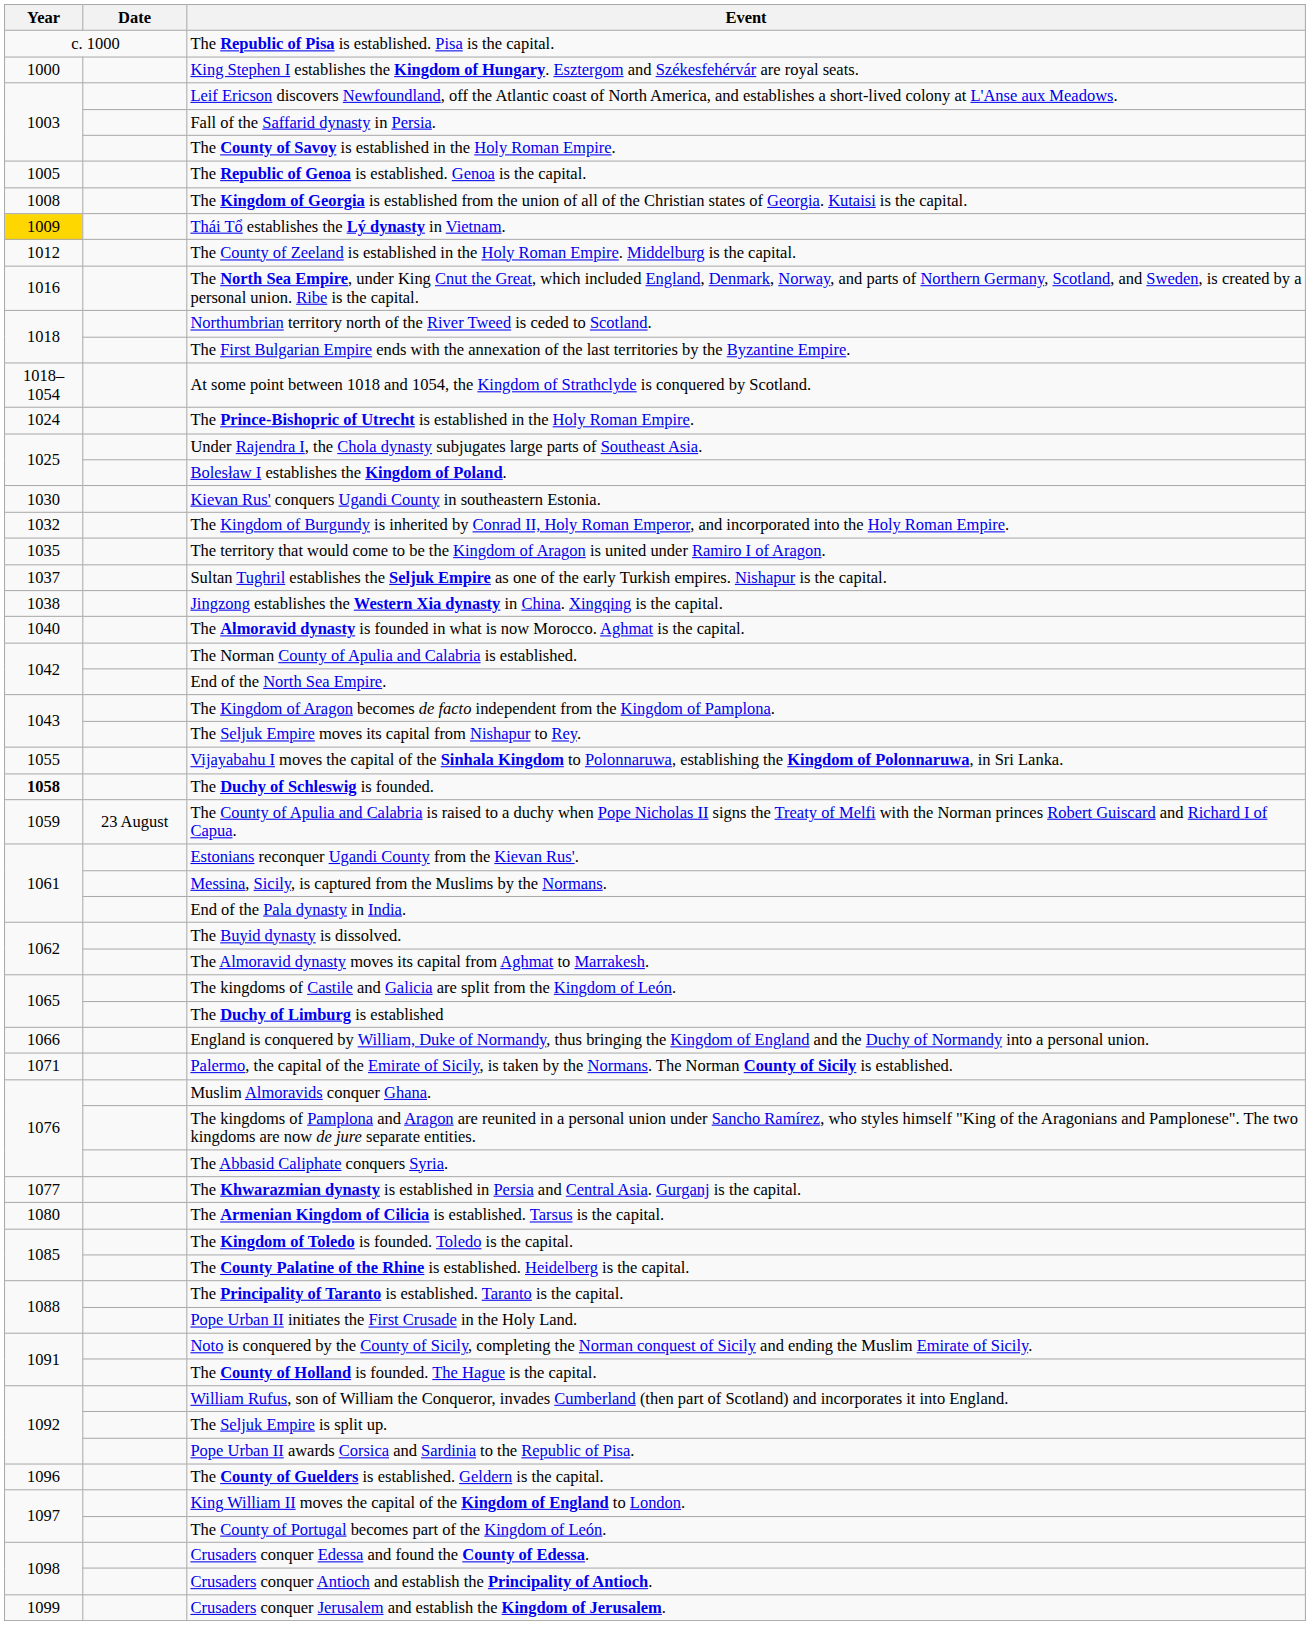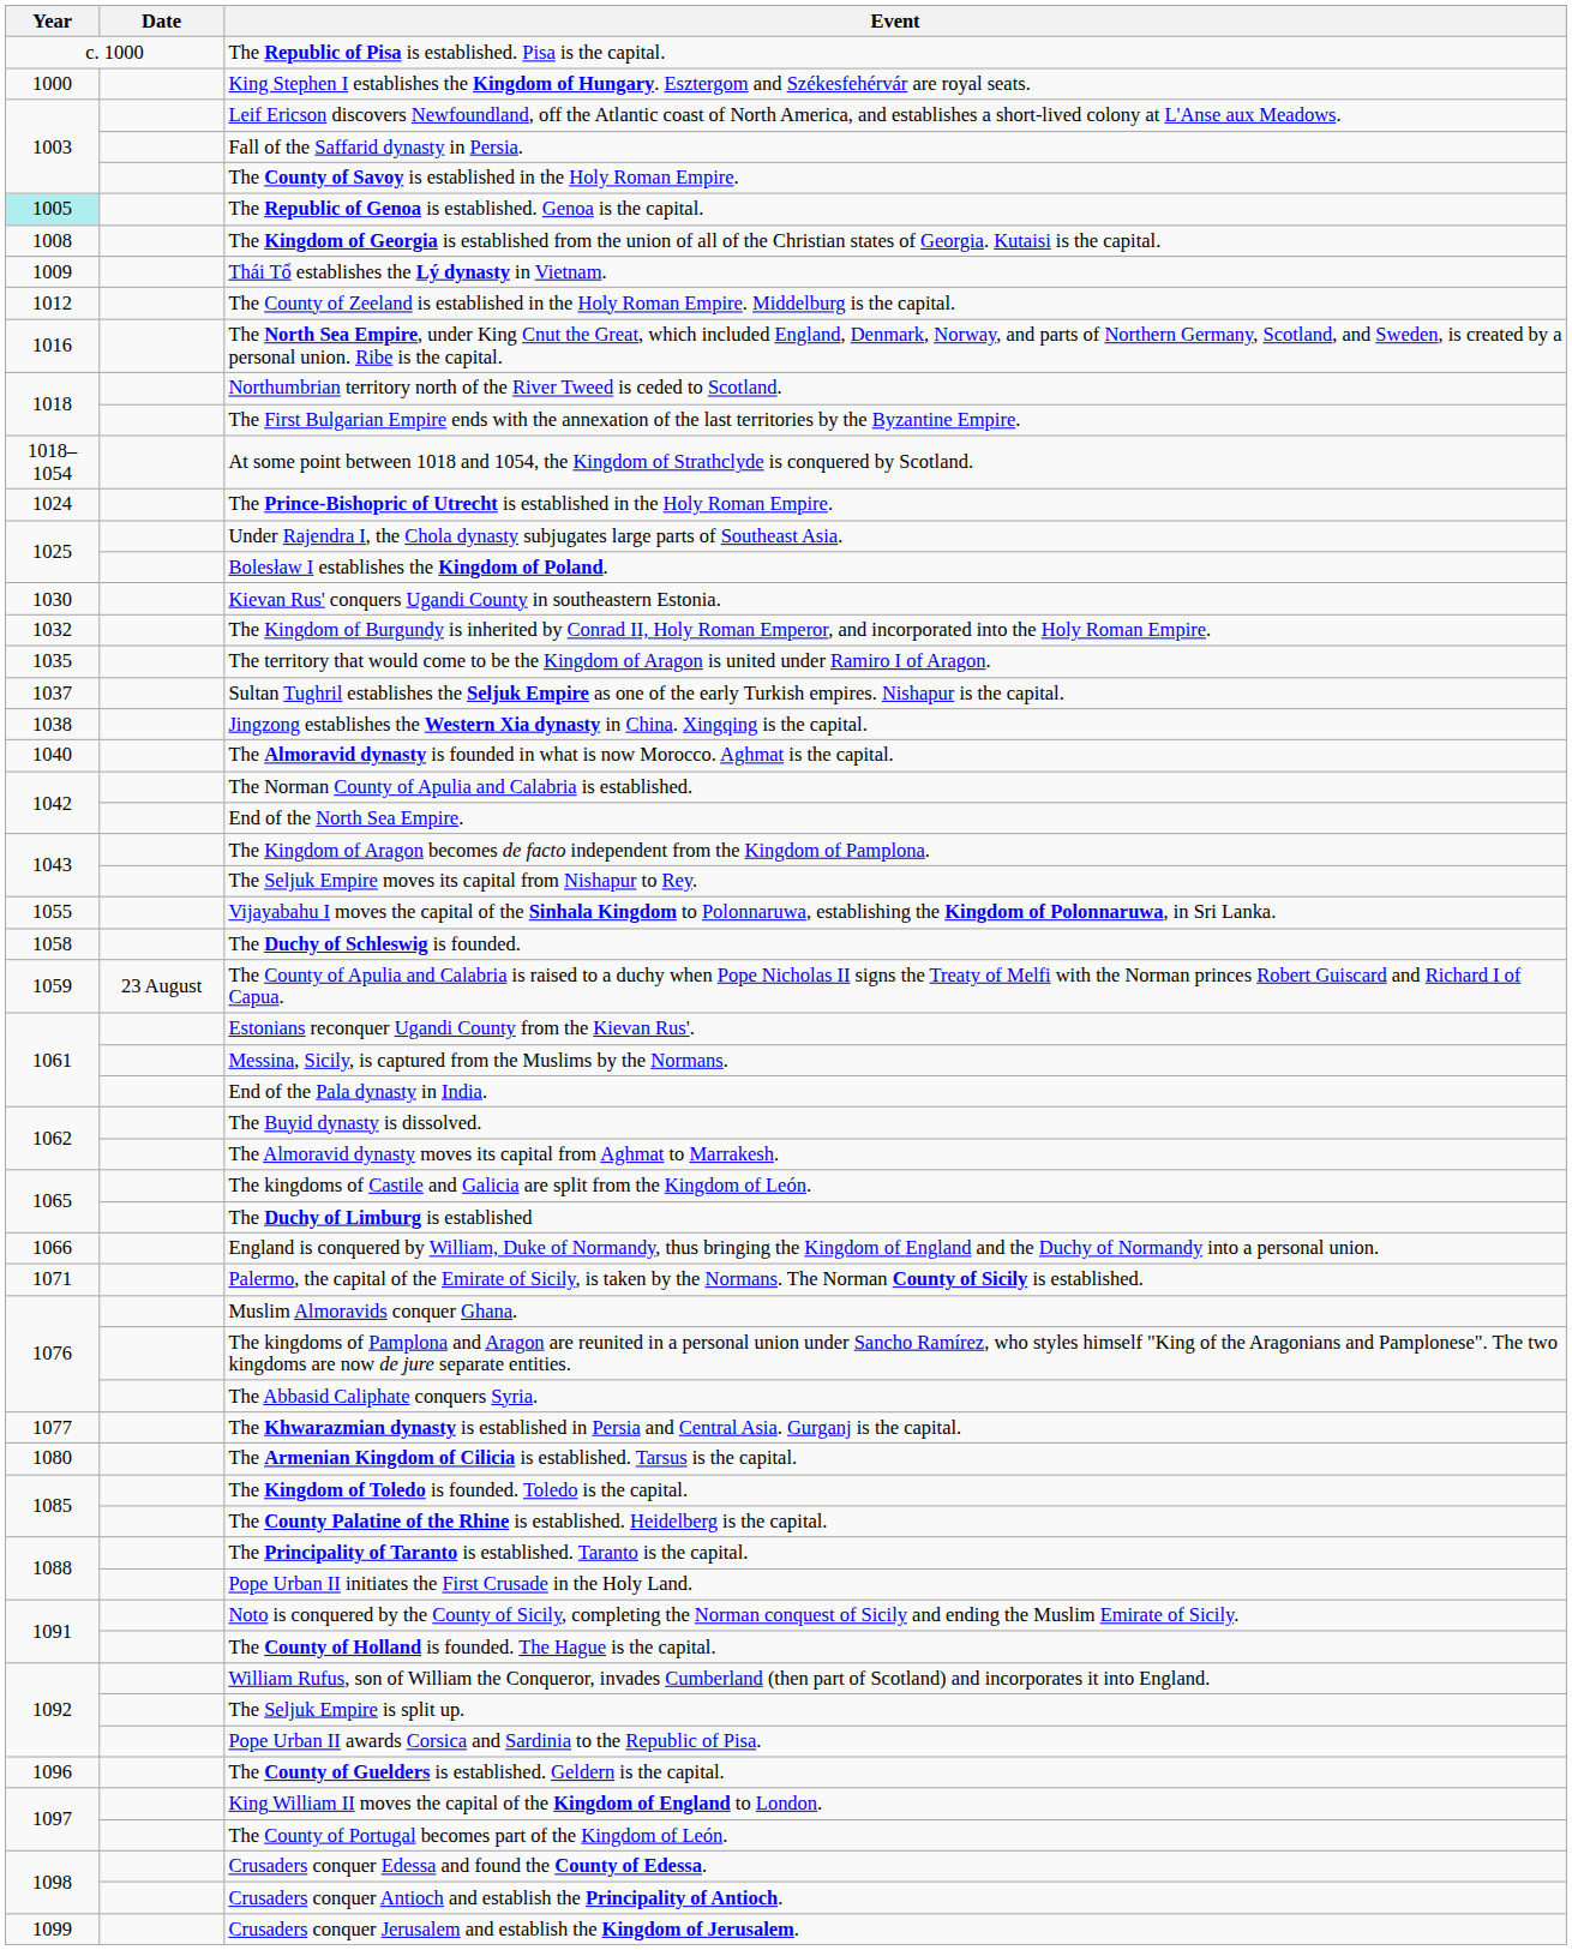 <table class=wikitable style="width:100%;">
 <tr>
 <th style="width:6%">Year</th>
 <th style="width:8%">Date</th>
 <th style="width:86%">Event</th>
 </tr>
 <tr>
 <td align=center colspan=2>c. 1000</td>
 <td>The <strong><a href='#'>Republic of Pisa</a></strong> is established. <a href='#'>Pisa</a> is the capital.</td>
 </tr>
 <tr>
 <td align=center>1000</td>
 <td></td>
 <td><a href='#'>King Stephen I</a> establishes the <strong><a href='#'>Kingdom of Hungary</a></strong>. <a href='#'>Esztergom</a> and <a href='#'>Székesfehérvár</a> are royal seats.</td>
 </tr>
 <tr>
 <td rowspan=3 align=center>1003</td>
 <td></td>
 <td><a href='#'>Leif Ericson</a> discovers <a href='#'>Newfoundland</a>, off the Atlantic coast of North America, and establishes a short-lived colony at <a href='#'>L'Anse aux Meadows</a>.</td>
 </tr>
 <tr>
 <td></td>
 <td>Fall of the <a href='#'>Saffarid dynasty</a> in <a href='#'>Persia</a>.</td>
 </tr>
 <tr>
 <td></td>
 <td>The <strong><a href='#'>County of Savoy</a></strong> is established in the <a href='#'>Holy Roman Empire</a>.</td>
 </tr>
 <tr>
-<td align=center>1005</td>
+<td align=center style="background: paleturquoise;">1005</td>
 <td></td>
 <td>The <strong><a href='#'>Republic of Genoa</a></strong> is established. <a href='#'>Genoa</a> is the capital.</td>
 </tr>
 <tr>
 <td align=center>1008</td>
 <td></td>
 <td>The <strong><a href='#'>Kingdom of Georgia</a></strong> is established from the union of all of the Christian states of <a href='#'>Georgia</a>. <a href='#'>Kutaisi</a> is the capital.</td>
 </tr>
 <tr>
-<td align=center style="background: gold;">1009</td>
+<td align=center>1009</td>
 <td></td>
 <td><a href='#'>Thái Tổ</a> establishes the <strong><a href='#'>Lý dynasty</a></strong> in <a href='#'>Vietnam</a>.</td>
 </tr>
 <tr>
 <td align=center>1012</td>
 <td></td>
 <td>The <a href='#'>County of Zeeland</a> is established in the <a href='#'>Holy Roman Empire</a>. <a href='#'>Middelburg</a> is the capital.</td>
 </tr>
 <tr>
 <td align=center>1016</td>
 <td></td>
 <td>The <strong><a href='#'>North Sea Empire</a></strong>, under King <a href='#'>Cnut the Great</a>, which included <a href='#'>England</a>, <a href='#'>Denmark</a>, <a href='#'>Norway</a>, and parts of <a href='#'>Northern Germany</a>, <a href='#'>Scotland</a>, and <a href='#'>Sweden</a>, is created by a personal union. <a href='#'>Ribe</a> is the capital.</td>
 </tr>
 <tr>
 <td rowspan=2 align=center>1018</td>
 <td></td>
 <td><a href='#'>Northumbrian</a> territory north of the <a href='#'>River Tweed</a> is ceded to <a href='#'>Scotland</a>.</td>
 </tr>
 <tr>
 <td></td>
 <td>The <a href='#'>First Bulgarian Empire</a> ends with the annexation of the last territories by the <a href='#'>Byzantine Empire</a>.</td>
 </tr>
 <tr>
 <td align=center>1018–1054</td>
 <td></td>
 <td>At some point between 1018 and 1054, the <a href='#'>Kingdom of Strathclyde</a> is conquered by Scotland.</td>
 </tr>
 <tr>
 <td align=center>1024</td>
 <td></td>
 <td>The <strong><a href='#'>Prince-Bishopric of Utrecht</a></strong> is established in the <a href='#'>Holy Roman Empire</a>.</td>
 </tr>
 <tr>
 <td rowspan=2 align=center>1025</td>
 <td></td>
 <td>Under <a href='#'>Rajendra I</a>, the <a href='#'>Chola dynasty</a> subjugates large parts of <a href='#'>Southeast Asia</a>.</td>
 </tr>
 <tr>
 <td></td>
 <td><a href='#'>Bolesław I</a> establishes the <strong><a href='#'>Kingdom of Poland</a></strong>.</td>
 </tr>
 <tr>
 <td align=center>1030</td>
 <td></td>
 <td><a href='#'>Kievan Rus'</a> conquers <a href='#'>Ugandi County</a> in southeastern Estonia.</td>
 </tr>
 <tr>
 <td align=center>1032</td>
 <td></td>
 <td>The <a href='#'>Kingdom of Burgundy</a> is inherited by <a href='#'>Conrad II, Holy Roman Emperor</a>, and incorporated into the <a href='#'>Holy Roman Empire</a>.</td>
 </tr>
 <tr>
 <td align=center>1035</td>
 <td></td>
 <td>The territory that would come to be the <a href='#'>Kingdom of Aragon</a> is united under <a href='#'>Ramiro I of Aragon</a>.</td>
 </tr>
 <tr>
 <td align=center>1037</td>
 <td></td>
 <td>Sultan <a href='#'>Tughril</a> establishes the <strong><a href='#'>Seljuk Empire</a></strong> as one of the early Turkish empires. <a href='#'>Nishapur</a> is the capital.</td>
 </tr>
 <tr>
 <td align=center>1038</td>
 <td></td>
 <td><a href='#'>Jingzong</a> establishes the <strong><a href='#'>Western Xia dynasty</a></strong> in <a href='#'>China</a>. <a href='#'>Xingqing</a> is the capital.</td>
 </tr>
 <tr>
 <td align=center>1040</td>
 <td></td>
 <td>The <strong><a href='#'>Almoravid dynasty</a></strong> is founded in what is now Morocco. <a href='#'>Aghmat</a> is the capital.</td>
 </tr>
 <tr>
 <td rowspan=2 align=center>1042</td>
 <td></td>
 <td>The Norman <a href='#'>County of Apulia and Calabria</a> is established.</td>
 </tr>
 <tr>
 <td></td>
 <td>End of the <a href='#'>North Sea Empire</a>.</td>
 </tr>
 <tr>
 <td rowspan=2 align=center>1043</td>
 <td></td>
 <td>The <a href='#'>Kingdom of Aragon</a> becomes <em>de facto</em> independent from the <a href='#'>Kingdom of Pamplona</a>.</td>
 </tr>
 <tr>
 <td></td>
 <td>The <a href='#'>Seljuk Empire</a> moves its capital from <a href='#'>Nishapur</a> to <a href='#'>Rey</a>.</td>
 </tr>
 <tr>
 <td align=center>1055</td>
 <td></td>
 <td><a href='#'>Vijayabahu I</a> moves the capital of the <strong><a href='#'>Sinhala Kingdom</a></strong> to <a href='#'>Polonnaruwa</a>, establishing the <strong><a href='#'>Kingdom of Polonnaruwa</a></strong>, in Sri Lanka.</td>
 </tr>
 <tr>
-<td align=center><strong>1058</strong></td>
+<td align=center>1058</td>
 <td></td>
 <td>The <strong><a href='#'>Duchy of Schleswig</a></strong> is founded.</td>
 </tr>
 <tr>
 <td align=center>1059</td>
 <td align=center>23 August</td>
 <td>The <a href='#'>County of Apulia and Calabria</a> is raised to a duchy when <a href='#'>Pope Nicholas II</a> signs the <a href='#'>Treaty of Melfi</a> with the Norman princes <a href='#'>Robert Guiscard</a> and <a href='#'>Richard I of Capua</a>.</td>
 </tr>
 <tr>
 <td rowspan=3 align=center>1061</td>
 <td></td>
 <td><a href='#'>Estonians</a> reconquer <a href='#'>Ugandi County</a> from the <a href='#'>Kievan Rus'</a>.</td>
 </tr>
 <tr>
 <td></td>
 <td><a href='#'>Messina</a>, <a href='#'>Sicily</a>, is captured from the Muslims by the <a href='#'>Normans</a>.</td>
 </tr>
 <tr>
 <td></td>
 <td>End of the <a href='#'>Pala dynasty</a> in <a href='#'>India</a>.</td>
 </tr>
 <tr>
 <td rowspan=2 align=center>1062</td>
 <td></td>
 <td>The <a href='#'>Buyid dynasty</a> is dissolved.</td>
 </tr>
 <tr>
 <td></td>
 <td>The <a href='#'>Almoravid dynasty</a> moves its capital from <a href='#'>Aghmat</a> to <a href='#'>Marrakesh</a>.</td>
 </tr>
 <tr>
 <td rowspan=2 align=center>1065</td>
 <td></td>
 <td>The kingdoms of <a href='#'>Castile</a> and <a href='#'>Galicia</a> are split from the <a href='#'>Kingdom of León</a>.</td>
 </tr>
 <tr>
 <td></td>
 <td>The <strong><a href='#'>Duchy of Limburg</a></strong> is established</td>
 </tr>
 <tr>
 <td align=center>1066</td>
 <td></td>
 <td>England is conquered by <a href='#'>William, Duke of Normandy</a>, thus bringing the <a href='#'>Kingdom of England</a> and the <a href='#'>Duchy of Normandy</a> into a personal union.</td>
 </tr>
 <tr>
 <td align=center>1071</td>
 <td></td>
 <td><a href='#'>Palermo</a>, the capital of the <a href='#'>Emirate of Sicily</a>, is taken by the <a href='#'>Normans</a>. The Norman <strong><a href='#'>County of Sicily</a></strong> is established.</td>
 </tr>
 <tr>
 <td rowspan=3 align=center>1076</td>
 <td></td>
 <td>Muslim <a href='#'>Almoravids</a> conquer <a href='#'>Ghana</a>.</td>
 </tr>
 <tr>
 <td></td>
 <td>The kingdoms of <a href='#'>Pamplona</a> and <a href='#'>Aragon</a> are reunited in a personal union under <a href='#'>Sancho Ramírez</a>, who styles himself "King of the Aragonians and Pamplonese". The two kingdoms are now <em>de jure</em> separate entities.</td>
 </tr>
 <tr>
 <td></td>
 <td>The <a href='#'>Abbasid Caliphate</a> conquers <a href='#'>Syria</a>.</td>
 </tr>
 <tr>
 <td align=center>1077</td>
 <td></td>
 <td>The <strong><a href='#'>Khwarazmian dynasty</a></strong> is established in <a href='#'>Persia</a> and <a href='#'>Central Asia</a>. <a href='#'>Gurganj</a> is the capital.</td>
 </tr>
 <tr>
 <td align=center>1080</td>
 <td></td>
 <td>The <strong><a href='#'>Armenian Kingdom of Cilicia</a></strong> is established. <a href='#'>Tarsus</a> is the capital.</td>
 </tr>
 <tr>
 <td rowspan=2 align=center>1085</td>
 <td></td>
 <td>The <strong><a href='#'>Kingdom of Toledo</a></strong> is founded. <a href='#'>Toledo</a> is the capital.</td>
 </tr>
 <tr>
 <td></td>
 <td>The <strong><a href='#'>County Palatine of the Rhine</a></strong> is established. <a href='#'>Heidelberg</a> is the capital.</td>
 </tr>
 <tr>
 <td rowspan=2 align=center>1088</td>
 <td></td>
 <td>The <strong><a href='#'>Principality of Taranto</a></strong> is established. <a href='#'>Taranto</a> is the capital.</td>
 </tr>
 <tr>
 <td></td>
 <td><a href='#'>Pope Urban II</a> initiates the <a href='#'>First Crusade</a> in the Holy Land.</td>
 </tr>
 <tr>
 <td rowspan=2 align=center>1091</td>
 <td></td>
 <td><a href='#'>Noto</a> is conquered by the <a href='#'>County of Sicily</a>, completing the <a href='#'>Norman conquest of Sicily</a> and ending the Muslim <a href='#'>Emirate of Sicily</a>.</td>
 </tr>
 <tr>
 <td></td>
 <td>The <strong><a href='#'>County of Holland</a></strong> is founded. <a href='#'>The Hague</a> is the capital.</td>
 </tr>
 <tr>
 <td rowspan=3 align=center>1092</td>
 <td></td>
 <td><a href='#'>William Rufus</a>, son of William the Conqueror, invades <a href='#'>Cumberland</a> (then part of Scotland) and incorporates it into England.</td>
 </tr>
 <tr>
 <td></td>
 <td>The <a href='#'>Seljuk Empire</a> is split up.</td>
 </tr>
 <tr>
 <td></td>
 <td><a href='#'>Pope Urban II</a> awards <a href='#'>Corsica</a> and <a href='#'>Sardinia</a> to the <a href='#'>Republic of Pisa</a>.</td>
 </tr>
 <tr>
 <td align=center>1096</td>
 <td></td>
 <td>The <strong><a href='#'>County of Guelders</a></strong> is established. <a href='#'>Geldern</a> is the capital.</td>
 </tr>
 <tr>
 <td rowspan=2 align=center>1097</td>
 <td></td>
 <td><a href='#'>King William II</a> moves the capital of the <strong><a href='#'>Kingdom of England</a></strong> to <a href='#'>London</a>.</td>
 </tr>
 <tr>
 <td></td>
 <td>The <a href='#'>County of Portugal</a> becomes part of the <a href='#'>Kingdom of León</a>.</td>
 </tr>
 <tr>
 <td rowspan=2 align=center>1098</td>
 <td></td>
 <td><a href='#'>Crusaders</a> conquer <a href='#'>Edessa</a> and found the <strong><a href='#'>County of Edessa</a></strong>.</td>
 </tr>
 <tr>
 <td></td>
 <td><a href='#'>Crusaders</a> conquer <a href='#'>Antioch</a> and establish the <strong><a href='#'>Principality of Antioch</a></strong>.</td>
 </tr>
 <tr>
 <td align=center>1099</td>
 <td></td>
 <td><a href='#'>Crusaders</a> conquer <a href='#'>Jerusalem</a> and establish the <strong><a href='#'>Kingdom of Jerusalem</a></strong>.</td>
 </tr>
 </table>
